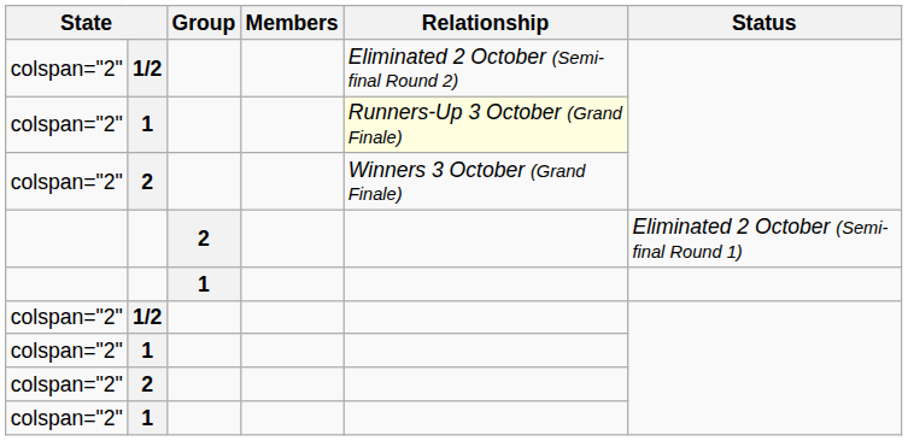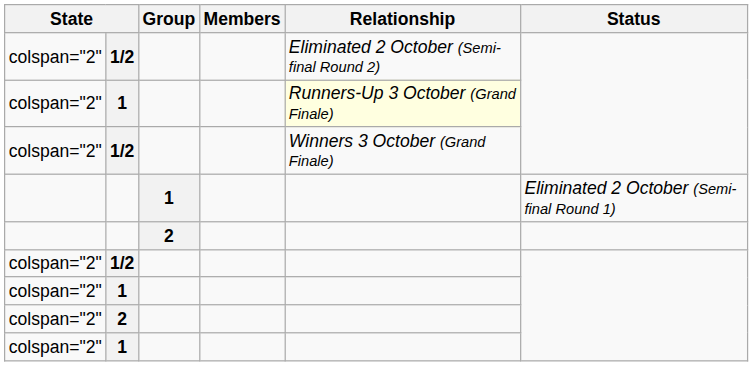 <table class="wikitable sortable" style="text-align:center; font-size:90%">
 <tr>
 <th colspan="2">State</th>
 <th data-sort-type="number">Group</th>
 <th>Members</th>
 <th>Relationship</th>
 <th>Status</th>
 </tr>
 <tr>
 <td>colspan="2" </td>
 <th><strong>1/2</strong></th>
 <td></td>
 <td></td>
 <td style="text-align:left"><em>Eliminated 2 October <small>(Semi-final Round 2)</small></em></td>
 </tr>
 <tr>
 <td>colspan="2" </td>
 <th><strong>1</strong></th>
 <td></td>
 <td></td>
 <td style="background: lightyellow; text-align:left"><em>Runners-Up 3 October <small>(Grand Finale)</small></em></td>
 </tr>
 <tr>
 <td>colspan="2" </td>
-<th><strong>2</strong></th>
+<th><strong>1/2</strong></th>
 <td></td>
 <td></td>
 <td style="text-align:left"><em>Winners 3 October <small>(Grand Finale)</small></em></td>
 </tr>
 <tr>
 <td></td>
 <td></td>
-<th><strong>2</strong></th>
+<th><strong>1</strong></th>
 <td></td>
 <td></td>
 <td style="text-align:left"><em>Eliminated 2 October <small>(Semi-final Round 1)</small></em></td>
 </tr>
 <tr>
 <td></td>
 <td></td>
-<th><strong>1</strong></th>
+<th><strong>2</strong></th>
 <td></td>
 <td></td>
 <td style="text-align:left"><em></em></td>
 </tr>
 <tr>
 <td>colspan="2" </td>
 <th><strong>1/2</strong></th>
 <td></td>
 <td></td>
 <td style="text-align:left"><em></em></td>
 </tr>
 <tr>
 <td>colspan="2" </td>
 <th><strong>1</strong></th>
 <td></td>
 <td></td>
 <td style="text-align:left"><em></em></td>
 </tr>
 <tr>
 <td>colspan="2" </td>
 <th><strong>2</strong></th>
 <td></td>
 <td></td>
 <td style="text-align:left"><em></em></td>
 </tr>
 <tr>
 <td>colspan="2" </td>
 <th><strong>1</strong></th>
 <td></td>
 <td></td>
 <td style="text-align:left"><em></em></td>
 </tr>
 </table>
